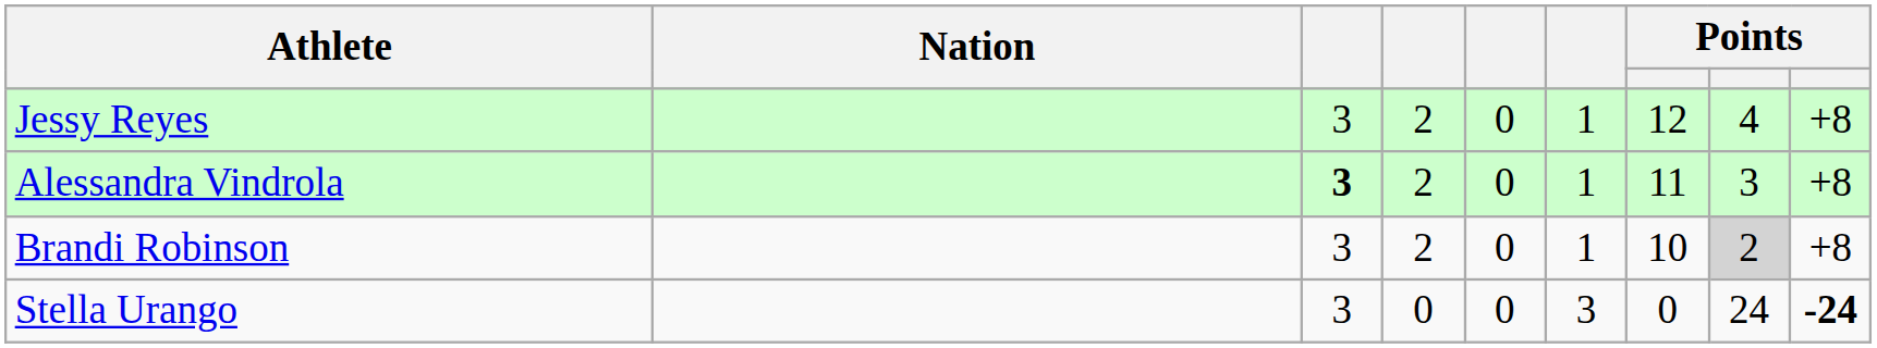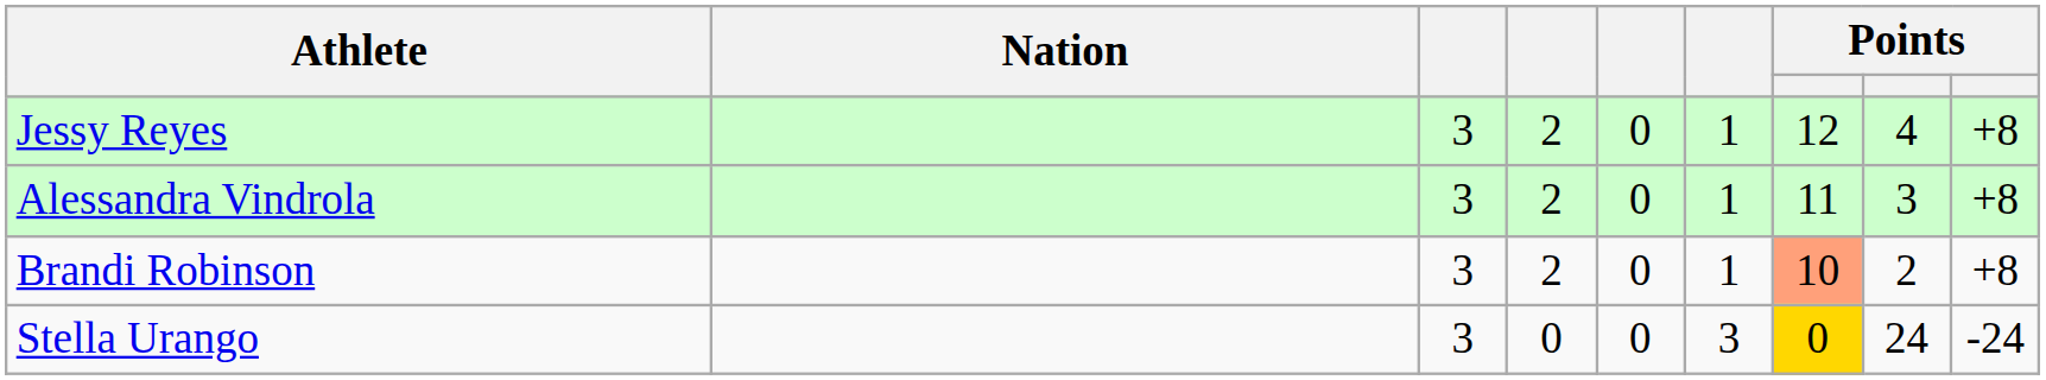 <table class="wikitable" style="text-align: center; font-size:100% ">
 <tr>
 <th rowspan=2 width=250>Athlete</th>
 <th rowspan=2 width=250>Nation</th>
 <th rowspan=2 width=25></th>
 <th rowspan=2 width=25></th>
 <th rowspan=2 width=25></th>
 <th rowspan=2 width=25></th>
 <th colspan=3>Points</th>
 </tr>
 <tr>
 <th width=25></th>
 <th width=25></th>
 <th width=25></th>
 </tr>
 <tr bgcolor="ccffcc">
 <td align=left><a href='#'>Jessy Reyes</a></td>
 <td align=left></td>
 <td>3</td>
 <td>2</td>
 <td>0</td>
 <td>1</td>
 <td>12</td>
 <td>4</td>
 <td>+8</td>
 </tr>
 <tr bgcolor="ccffcc">
 <td align=left><a href='#'>Alessandra Vindrola</a></td>
 <td align=left></td>
-<td><strong>3</strong></td>
+<td>3</td>
 <td>2</td>
 <td>0</td>
 <td>1</td>
 <td>11</td>
 <td>3</td>
 <td>+8</td>
 </tr>
 <tr>
 <td align=left><a href='#'>Brandi Robinson</a></td>
 <td align=left></td>
 <td>3</td>
 <td>2</td>
 <td>0</td>
 <td>1</td>
-<td>10</td>
-<td style="background: lightgrey;">2</td>
+<td style="background: lightsalmon;">10</td>
+<td>2</td>
 <td>+8</td>
 </tr>
 <tr>
 <td align=left><a href='#'>Stella Urango</a></td>
 <td align=left></td>
 <td>3</td>
 <td>0</td>
 <td>0</td>
 <td>3</td>
-<td>0</td>
+<td style="background: gold;">0</td>
 <td>24</td>
-<td><strong>-24</strong></td>
+<td>-24</td>
 </tr>
 </table>
